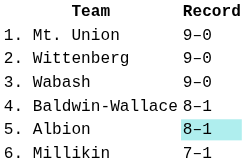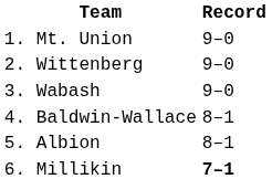 <table>
 <tr>
 <th>Team</th>
 <th>Record</th>
 </tr>
 <tr>
 <td>1. Mt. Union</td>
 <td>9–0</td>
 </tr>
 <tr>
 <td>2. Wittenberg</td>
 <td>9–0</td>
 </tr>
 <tr>
 <td>3. Wabash</td>
 <td>9–0</td>
 </tr>
 <tr>
 <td>4. Baldwin-Wallace</td>
 <td>8–1</td>
 </tr>
 <tr>
 <td>5. Albion</td>
-<td style="background: paleturquoise;">8–1</td>
+<td>8–1</td>
 </tr>
 <tr>
 <td>6. Millikin</td>
-<td>7–1</td>
+<td><strong>7–1</strong></td>
 </tr>
 </table>
